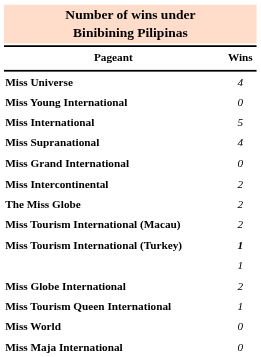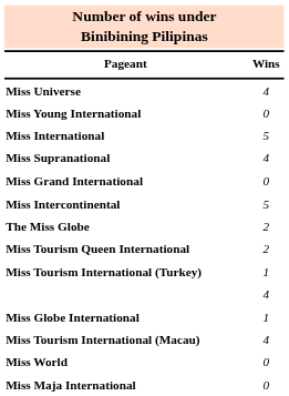 <table class="toccolours" style="width: 20em; float:right; margin-left:1em; font-size:80%; line-height:1.5em; width:23%;">
 <tr>
 <th colspan="2" align="center" style="background:#FFDDCA;"><big>Number of wins under<br>Binibining Pilipinas</big></th>
 </tr>
 <tr>
 <td colspan="2" style="background:black"></td>
 </tr>
 <tr>
 <th scope="col">Pageant</th>
 <th scope="col">Wins</th>
 </tr>
 <tr>
 <td colspan="2" style="background:black"></td>
 </tr>
 <tr>
 <td align="left"><strong>Miss Universe</strong></td>
 <td align="center"><em>4</em></td>
 </tr>
 <tr>
 <td align="left"><strong>Miss Young International</strong></td>
 <td align="center"><em>0</em></td>
 </tr>
 <tr>
 <td align="left"><strong>Miss International</strong></td>
 <td align="center"><em>5</em></td>
 </tr>
 <tr>
 <td align="left"><strong>Miss Supranational</strong></td>
 <td align="center"><em>4</em></td>
 </tr>
 <tr>
 <td align="left"><strong>Miss Grand International</strong></td>
 <td align="center"><em>0</em></td>
 </tr>
 <tr>
 <td align="left"><strong>Miss Intercontinental</strong></td>
-<td align="center"><em>2</em></td>
+<td align="center"><em>5</em></td>
 </tr>
 <tr>
 <td align="left"><strong>The Miss Globe</strong></td>
 <td align="center"><em>2</em></td>
 </tr>
 <tr>
-<td align="left"><strong>Miss Tourism International (Macau)</strong></td>
+<td align="left"><strong>Miss Tourism Queen International</strong></td>
 <td align="center"><em>2</em></td>
 </tr>
 <tr>
 <td align="left"><strong>Miss Tourism International (Turkey)</strong></td>
-<td align="center"><strong><em>1</em></strong></td>
+<td align="center"><em>1</em></td>
 </tr>
 <tr>
 <td align="left"><strong></strong></td>
+<td align="center"><em>4</em></td>
+</tr>
+<tr>
+<td align="left"><strong>Miss Globe International</strong></td>
 <td align="center"><em>1</em></td>
 </tr>
 <tr>
-<td align="left"><strong>Miss Globe International</strong></td>
-<td align="center"><em>2</em></td>
-</tr>
-<tr>
-<td align="left"><strong>Miss Tourism Queen International</strong></td>
-<td align="center"><em>1</em></td>
+<td align="left"><strong>Miss Tourism International (Macau)</strong></td>
+<td align="center"><em>4</em></td>
 </tr>
 <tr>
 <td align="left"><strong>Miss World</strong></td>
 <td align="center"><em>0</em></td>
 </tr>
 <tr>
 <td align="left"><strong>Miss Maja International</strong></td>
 <td align="center"><em>0</em></td>
 </tr>
 <tr>
 </tr>
 </table>
